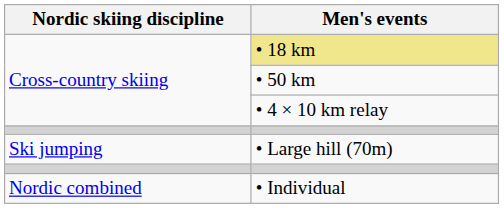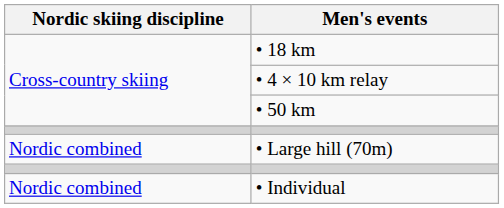 <table class="wikitable">
 <tr>
 <th width=200!>Nordic skiing discipline</th>
 <th width=200!>Men's events</th>
 </tr>
 <tr>
 <td rowspan=3><a href='#'>Cross-country skiing</a></td>
-<td style="background: khaki;">• 18 km</td>
+<td>• 18 km</td>
+</tr>
+<tr>
+<td>• 4 × 10 km relay</td>
 </tr>
 <tr>
 <td>• 50 km</td>
-</tr>
-<tr>
-<td>• 4 × 10 km relay</td>
 </tr>
 <tr bgcolor=lightgray>
 <td></td>
 <td></td>
 </tr>
 <tr>
-<td><a href='#'>Ski jumping</a></td>
+<td><a href='#'>Nordic combined</a></td>
 <td>• Large hill (70m)</td>
 </tr>
 <tr bgcolor=lightgray>
 <td></td>
 <td></td>
 </tr>
 <tr>
 <td><a href='#'>Nordic combined</a></td>
 <td>• Individual</td>
 </tr>
 </table>
